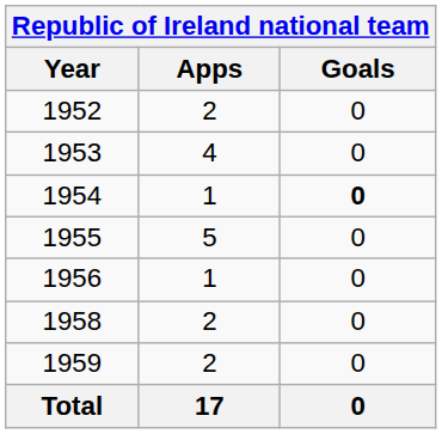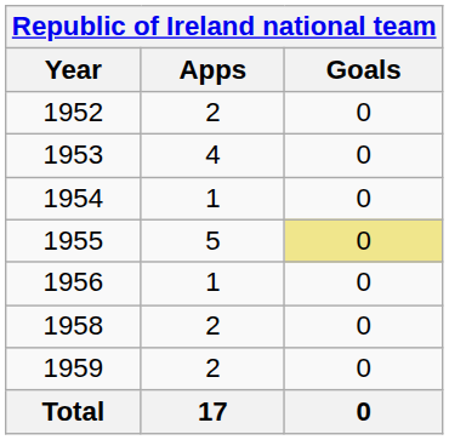 <table class="wikitable" style="text-align:center">
 <tr>
 <th colspan=3><a href='#'>Republic of Ireland national team</a></th>
 </tr>
 <tr>
 <th>Year</th>
 <th>Apps</th>
 <th>Goals</th>
 </tr>
 <tr>
 <td>1952</td>
 <td>2</td>
 <td>0</td>
 </tr>
 <tr>
 <td>1953</td>
 <td>4</td>
 <td>0</td>
 </tr>
 <tr>
 <td>1954</td>
 <td>1</td>
-<td><strong>0</strong></td>
+<td>0</td>
 </tr>
 <tr>
 <td>1955</td>
 <td>5</td>
-<td>0</td>
+<td style="background: khaki;">0</td>
 </tr>
 <tr>
 <td>1956</td>
 <td>1</td>
 <td>0</td>
 </tr>
 <tr>
 <td>1958</td>
 <td>2</td>
 <td>0</td>
 </tr>
 <tr>
 <td>1959</td>
 <td>2</td>
 <td>0</td>
 </tr>
 <tr>
 <th>Total</th>
 <th>17</th>
 <th>0</th>
 </tr>
 </table>
